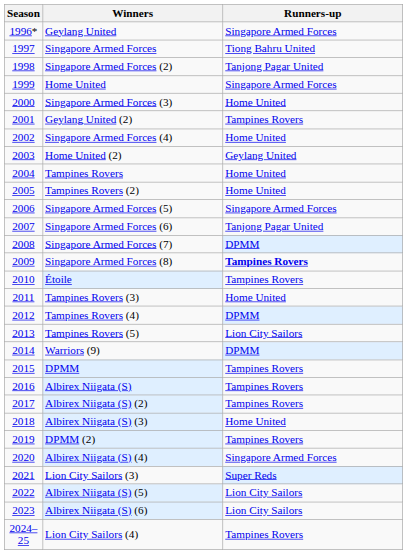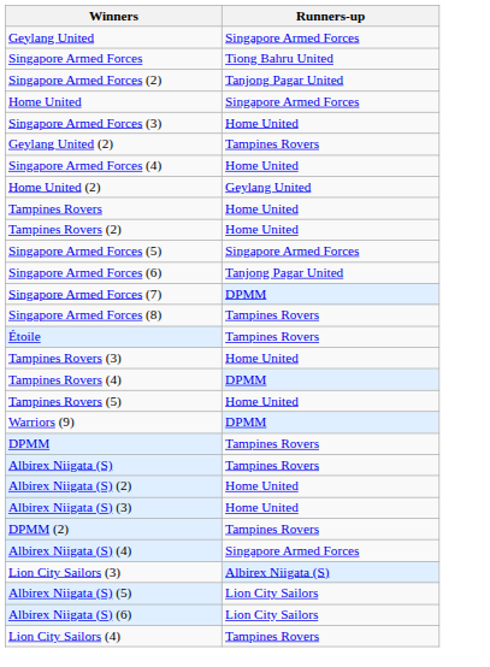 <table class="wikitable" style="text-align:center">
 <tr>
-<th width='35'>Season</th>
 <th style="width:250px;">Winners</th>
 <th style="width:250px;">Runners-up</th>
 </tr>
 <tr>
-<td><a href='#'>1996</a>*</td>
 <td align='left'><a href='#'>Geylang United</a></td>
 <td align='left'><a href='#'>Singapore Armed Forces</a></td>
 </tr>
 <tr>
-<td><a href='#'>1997</a></td>
 <td align='left'><a href='#'>Singapore Armed Forces</a></td>
 <td align='left'><a href='#'>Tiong Bahru United</a></td>
 </tr>
 <tr>
-<td><a href='#'>1998</a></td>
 <td align='left'><a href='#'>Singapore Armed Forces</a> (2)</td>
 <td align='left'><a href='#'>Tanjong Pagar United</a></td>
 </tr>
 <tr>
-<td><a href='#'>1999</a></td>
 <td align='left'><a href='#'>Home United</a></td>
 <td align='left'><a href='#'>Singapore Armed Forces</a></td>
 </tr>
 <tr>
-<td><a href='#'>2000</a></td>
 <td align='left'><a href='#'>Singapore Armed Forces</a> (3)</td>
 <td align='left'><a href='#'>Home United</a></td>
 </tr>
 <tr>
-<td><a href='#'>2001</a></td>
 <td align='left'><a href='#'>Geylang United</a> (2)</td>
 <td align='left'><a href='#'>Tampines Rovers</a></td>
 </tr>
 <tr>
-<td><a href='#'>2002</a></td>
 <td align='left'><a href='#'>Singapore Armed Forces</a> (4)</td>
 <td align='left'><a href='#'>Home United</a></td>
 </tr>
 <tr>
-<td><a href='#'>2003</a></td>
 <td align='left'><a href='#'>Home United</a> (2)</td>
 <td align='left'><a href='#'>Geylang United</a></td>
 </tr>
 <tr>
-<td><a href='#'>2004</a></td>
 <td align='left'><a href='#'>Tampines Rovers</a></td>
 <td align='left'><a href='#'>Home United</a></td>
 </tr>
 <tr>
-<td><a href='#'>2005</a></td>
 <td align='left'><a href='#'>Tampines Rovers</a> (2)</td>
 <td align='left'><a href='#'>Home United</a></td>
 </tr>
 <tr>
-<td><a href='#'>2006</a></td>
 <td align='left'><a href='#'>Singapore Armed Forces</a> (5)</td>
 <td align='left'><a href='#'>Singapore Armed Forces</a></td>
 </tr>
 <tr>
-<td><a href='#'>2007</a></td>
 <td align='left'><a href='#'>Singapore Armed Forces</a> (6)</td>
 <td align='left'><a href='#'>Tanjong Pagar United</a></td>
 </tr>
 <tr>
-<td><a href='#'>2008</a></td>
 <td align='left'><a href='#'>Singapore Armed Forces</a> (7)</td>
 <td align='left' style="background:#dfefff"><a href='#'>DPMM</a></td>
 </tr>
 <tr>
-<td><a href='#'>2009</a></td>
 <td align='left'><a href='#'>Singapore Armed Forces</a> (8)</td>
-<td align='left'><strong><a href='#'>Tampines Rovers</a></strong></td>
+<td align='left'><a href='#'>Tampines Rovers</a></td>
 </tr>
 <tr>
-<td><a href='#'>2010</a></td>
 <td align='left' style="background:#dfefff"><a href='#'>Étoile</a></td>
 <td align="left"><a href='#'>Tampines Rovers</a></td>
 </tr>
 <tr>
-<td><a href='#'>2011</a></td>
 <td align='left'><a href='#'>Tampines Rovers</a> (3)</td>
 <td align='left'><a href='#'>Home United</a></td>
 </tr>
 <tr>
-<td><a href='#'>2012</a></td>
 <td align='left'><a href='#'>Tampines Rovers</a> (4)</td>
 <td align='left' style="background:#dfefff"><a href='#'>DPMM</a></td>
 </tr>
 <tr>
-<td><a href='#'>2013</a></td>
 <td align='left'><a href='#'>Tampines Rovers</a> (5)</td>
-<td align="left"><a href='#'>Lion City Sailors</a></td>
+<td align='left'><a href='#'>Home United</a></td>
 </tr>
 <tr>
-<td><a href='#'>2014</a></td>
 <td align='left'><a href='#'>Warriors</a> (9)</td>
 <td align='left' style="background:#dfefff"><a href='#'>DPMM</a></td>
 </tr>
 <tr>
-<td><a href='#'>2015</a></td>
 <td align='left' style="background:#dfefff"><a href='#'>DPMM</a></td>
 <td align="left"><a href='#'>Tampines Rovers</a></td>
 </tr>
 <tr>
-<td><a href='#'>2016</a></td>
 <td align='left' style="background:#dfefff"><a href='#'>Albirex Niigata (S)</a></td>
 <td align="left"><a href='#'>Tampines Rovers</a></td>
 </tr>
 <tr>
-<td><a href='#'>2017</a></td>
 <td align='left' style="background:#dfefff"><a href='#'>Albirex Niigata (S)</a> (2)</td>
-<td align="left"><a href='#'>Tampines Rovers</a></td>
+<td align='left'><a href='#'>Home United</a></td>
 </tr>
 <tr>
-<td><a href='#'>2018</a></td>
 <td align='left' style="background:#dfefff"><a href='#'>Albirex Niigata (S)</a> (3)</td>
 <td align="left"><a href='#'>Home United</a></td>
 </tr>
 <tr>
-<td><a href='#'>2019</a></td>
 <td align='left' style="background:#dfefff"><a href='#'>DPMM</a> (2)</td>
 <td align="left"><a href='#'>Tampines Rovers</a></td>
 </tr>
 <tr>
-<td><a href='#'>2020</a></td>
 <td align='left' style="background:#dfefff"><a href='#'>Albirex Niigata (S)</a> (4)</td>
 <td align='left'><a href='#'>Singapore Armed Forces</a></td>
 </tr>
 <tr>
-<td><a href='#'>2021</a></td>
 <td align='left'><a href='#'>Lion City Sailors</a> (3)</td>
-<td align='left' style="background:#dfefff"><a href='#'>Super Reds</a></td>
+<td align="left" style="background:#dfefff"><a href='#'>Albirex Niigata (S)</a></td>
 </tr>
 <tr>
-<td><a href='#'>2022</a></td>
 <td align='left' style="background:#dfefff"><a href='#'>Albirex Niigata (S)</a> (5)</td>
 <td align="left"><a href='#'>Lion City Sailors</a></td>
 </tr>
 <tr>
-<td><a href='#'>2023</a></td>
 <td align='left' style="background:#dfefff"><a href='#'>Albirex Niigata (S)</a> (6)</td>
 <td align="left"><a href='#'>Lion City Sailors</a></td>
 </tr>
 <tr>
-<td><a href='#'>2024–25</a></td>
 <td align="left"><a href='#'>Lion City Sailors</a> (4)</td>
 <td align="left"><a href='#'>Tampines Rovers</a></td>
 </tr>
 </table>
